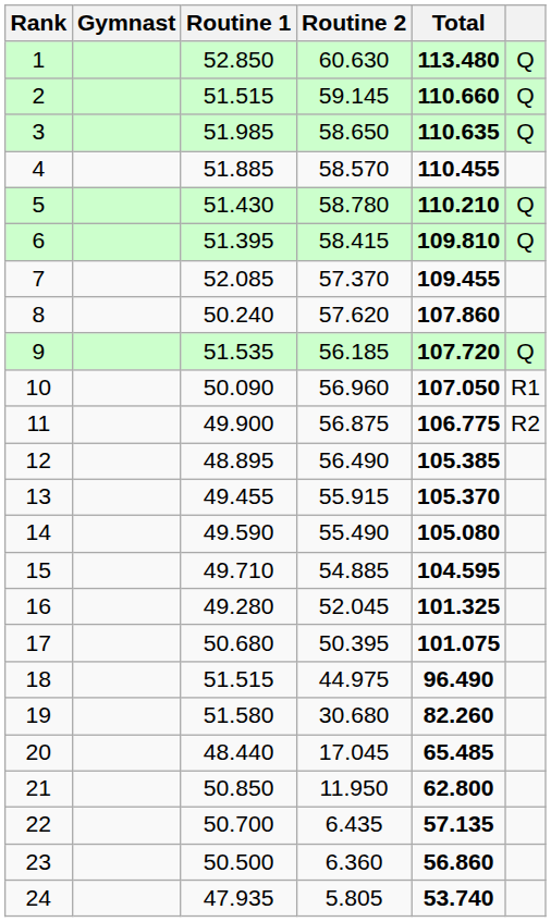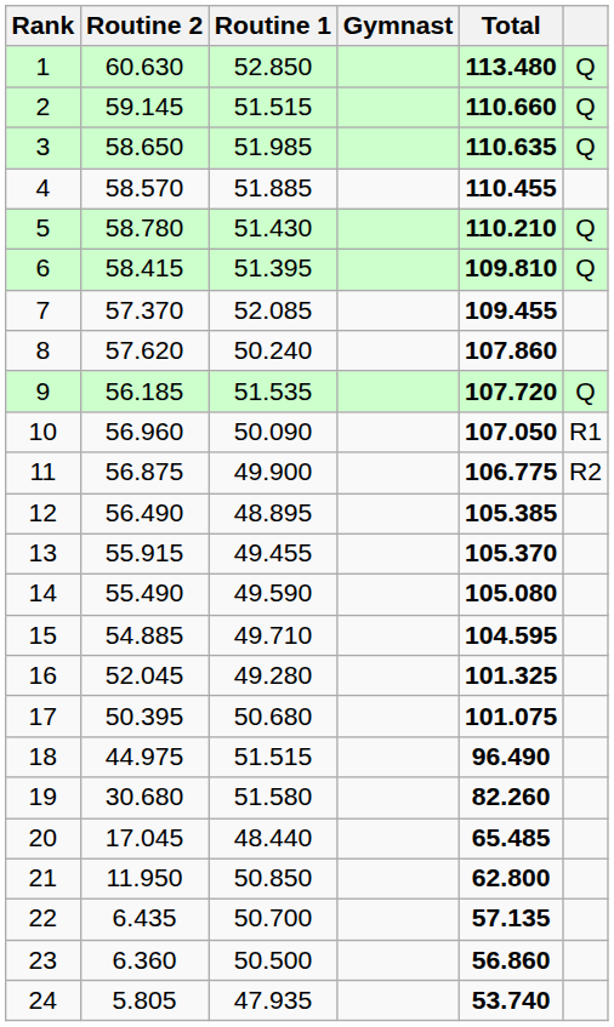 <table class="wikitable sortable" style="text-align:center">
 <tr>
 <th>Rank</th>
+<th>Routine 2</th>
+<th>Routine 1</th>
 <th>Gymnast</th>
-<th>Routine 1</th>
-<th>Routine 2</th>
 <th>Total</th>
 <th></th>
 </tr>
 <tr bgcolor=ccffcc>
 <td>1</td>
+<td>60.630</td>
+<td>52.850</td>
 <td align=left></td>
-<td>52.850</td>
-<td>60.630</td>
 <td><strong>113.480</strong></td>
 <td>Q</td>
 </tr>
 <tr bgcolor=ccffcc>
 <td>2</td>
+<td>59.145</td>
+<td>51.515</td>
 <td align=left></td>
-<td>51.515</td>
-<td>59.145</td>
 <td><strong>110.660</strong></td>
 <td>Q</td>
 </tr>
 <tr bgcolor=ccffcc>
 <td>3</td>
+<td>58.650</td>
+<td>51.985</td>
 <td align=left></td>
-<td>51.985</td>
-<td>58.650</td>
 <td><strong>110.635</strong></td>
 <td>Q</td>
 </tr>
 <tr>
 <td>4</td>
+<td>58.570</td>
+<td>51.885</td>
 <td align=left></td>
-<td>51.885</td>
-<td>58.570</td>
 <td><strong>110.455</strong></td>
 <td></td>
 </tr>
 <tr bgcolor=ccffcc>
 <td>5</td>
+<td>58.780</td>
+<td>51.430</td>
 <td align=left></td>
-<td>51.430</td>
-<td>58.780</td>
 <td><strong>110.210</strong></td>
 <td>Q</td>
 </tr>
 <tr bgcolor=ccffcc>
 <td>6</td>
+<td>58.415</td>
+<td>51.395</td>
 <td align=left></td>
-<td>51.395</td>
-<td>58.415</td>
 <td><strong>109.810</strong></td>
 <td>Q</td>
 </tr>
 <tr>
 <td>7</td>
+<td>57.370</td>
+<td>52.085</td>
 <td align=left></td>
-<td>52.085</td>
-<td>57.370</td>
 <td><strong>109.455</strong></td>
 <td></td>
 </tr>
 <tr>
 <td>8</td>
+<td>57.620</td>
+<td>50.240</td>
 <td align=left></td>
-<td>50.240</td>
-<td>57.620</td>
 <td><strong>107.860</strong></td>
 <td></td>
 </tr>
 <tr bgcolor=ccffcc>
 <td>9</td>
+<td>56.185</td>
+<td>51.535</td>
 <td align=left></td>
-<td>51.535</td>
-<td>56.185</td>
 <td><strong>107.720</strong></td>
 <td>Q</td>
 </tr>
 <tr>
 <td>10</td>
+<td>56.960</td>
+<td>50.090</td>
 <td align=left></td>
-<td>50.090</td>
-<td>56.960</td>
 <td><strong>107.050</strong></td>
 <td>R1</td>
 </tr>
 <tr>
 <td>11</td>
+<td>56.875</td>
+<td>49.900</td>
 <td align=left></td>
-<td>49.900</td>
-<td>56.875</td>
 <td><strong>106.775</strong></td>
 <td>R2</td>
 </tr>
 <tr>
 <td>12</td>
+<td>56.490</td>
+<td>48.895</td>
 <td align=left></td>
-<td>48.895</td>
-<td>56.490</td>
 <td><strong>105.385</strong></td>
 <td></td>
 </tr>
 <tr>
 <td>13</td>
+<td>55.915</td>
+<td>49.455</td>
 <td align=left></td>
-<td>49.455</td>
-<td>55.915</td>
 <td><strong>105.370</strong></td>
 <td></td>
 </tr>
 <tr>
 <td>14</td>
+<td>55.490</td>
+<td>49.590</td>
 <td align=left></td>
-<td>49.590</td>
-<td>55.490</td>
 <td><strong>105.080</strong></td>
 <td></td>
 </tr>
 <tr>
 <td>15</td>
+<td>54.885</td>
+<td>49.710</td>
 <td align=left></td>
-<td>49.710</td>
-<td>54.885</td>
 <td><strong>104.595</strong></td>
 <td></td>
 </tr>
 <tr>
 <td>16</td>
+<td>52.045</td>
+<td>49.280</td>
 <td align=left></td>
-<td>49.280</td>
-<td>52.045</td>
 <td><strong>101.325</strong></td>
 <td></td>
 </tr>
 <tr>
 <td>17</td>
+<td>50.395</td>
+<td>50.680</td>
 <td align=left></td>
-<td>50.680</td>
-<td>50.395</td>
 <td><strong>101.075</strong></td>
 <td></td>
 </tr>
 <tr>
 <td>18</td>
+<td>44.975</td>
+<td>51.515</td>
 <td align=left></td>
-<td>51.515</td>
-<td>44.975</td>
 <td><strong>96.490</strong></td>
 <td></td>
 </tr>
 <tr>
 <td>19</td>
+<td>30.680</td>
+<td>51.580</td>
 <td align=left></td>
-<td>51.580</td>
-<td>30.680</td>
 <td><strong>82.260</strong></td>
 <td></td>
 </tr>
 <tr>
 <td>20</td>
+<td>17.045</td>
+<td>48.440</td>
 <td align=left></td>
-<td>48.440</td>
-<td>17.045</td>
 <td><strong>65.485</strong></td>
 <td></td>
 </tr>
 <tr>
 <td>21</td>
+<td>11.950</td>
+<td>50.850</td>
 <td align=left></td>
-<td>50.850</td>
-<td>11.950</td>
 <td><strong>62.800</strong></td>
 <td></td>
 </tr>
 <tr>
 <td>22</td>
+<td>6.435</td>
+<td>50.700</td>
 <td align=left></td>
-<td>50.700</td>
-<td>6.435</td>
 <td><strong>57.135</strong></td>
 <td></td>
 </tr>
 <tr>
 <td>23</td>
+<td>6.360</td>
+<td>50.500</td>
 <td align=left></td>
-<td>50.500</td>
-<td>6.360</td>
 <td><strong>56.860</strong></td>
 <td></td>
 </tr>
 <tr>
 <td>24</td>
+<td>5.805</td>
+<td>47.935</td>
 <td align=left></td>
-<td>47.935</td>
-<td>5.805</td>
 <td><strong>53.740</strong></td>
 <td></td>
 </tr>
 </table>
